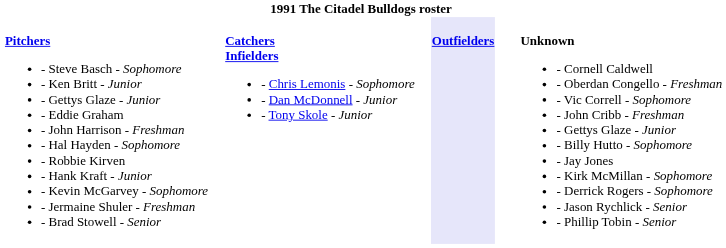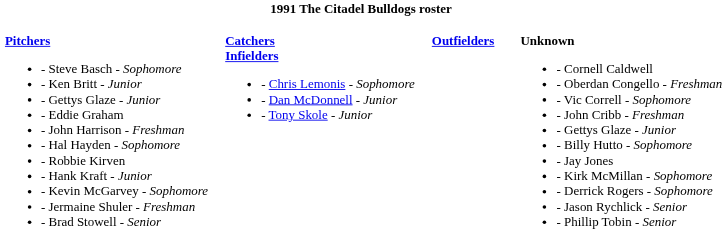 <table class="toccolours" style="border-collapse:collapse; font-size:90%;">
 <tr>
 <th colspan="9">1991 The Citadel Bulldogs roster</th>
 </tr>
 <tr>
 <td width="03"> </td>
 <td valign="top"><br><strong><a href='#'>Pitchers</a></strong><ul><li>- Steve Basch - <em>Sophomore</em></li><li>- Ken Britt - <em>Junior</em></li><li>- Gettys Glaze - <em>Junior</em></li><li>- Eddie Graham</li><li>- John Harrison - <em>Freshman</em></li><li>- Hal Hayden - <em>Sophomore</em></li><li>- Robbie Kirven</li><li>- Hank Kraft - <em>Junior</em></li><li>- Kevin McGarvey - <em>Sophomore</em></li><li>- Jermaine Shuler - <em>Freshman</em></li><li>- Brad Stowell - <em>Senior</em></li></ul></td>
 <td width="15"> </td>
 <td valign="top"><br><strong><a href='#'>Catchers</a></strong><br><strong><a href='#'>Infielders</a></strong><ul><li>- <a href='#'>Chris Lemonis</a> -  <em>Sophomore</em></li><li>- <a href='#'>Dan McDonnell</a> - <em>Junior</em></li><li>- <a href='#'>Tony Skole</a> - <em>Junior</em></li></ul></td>
 <td width="15"> </td>
-<td valign="top" style="background: lavender;"><br><strong><a href='#'>Outfielders</a></strong></td>
+<td valign="top"><br><strong><a href='#'>Outfielders</a></strong></td>
 <td width="25"> </td>
 <td valign="top"><br><strong>Unknown</strong><ul><li>- Cornell Caldwell</li><li>- Oberdan Congello - <em>Freshman</em></li><li>- Vic Correll - <em>Sophomore</em></li><li>- John Cribb - <em>Freshman</em></li><li>- Gettys Glaze - <em>Junior</em></li><li>- Billy Hutto - <em>Sophomore</em></li><li>- Jay Jones</li><li>- Kirk McMillan - <em>Sophomore</em></li><li>- Derrick Rogers - <em>Sophomore</em></li><li>- Jason Rychlick - <em>Senior</em></li><li>- Phillip Tobin - <em>Senior</em></li></ul></td>
 </tr>
 </table>
